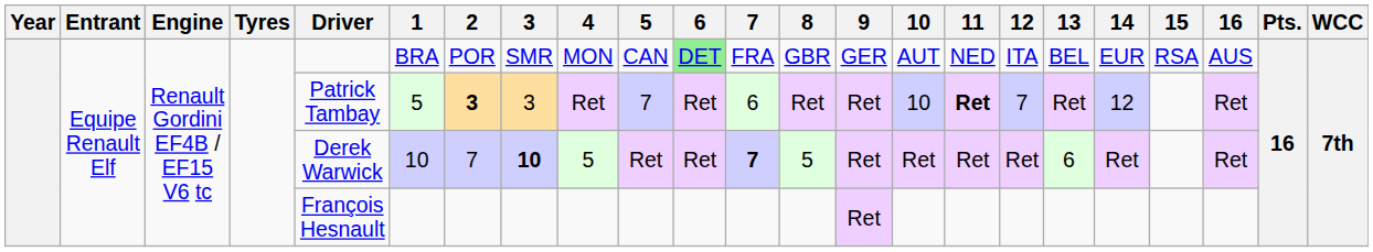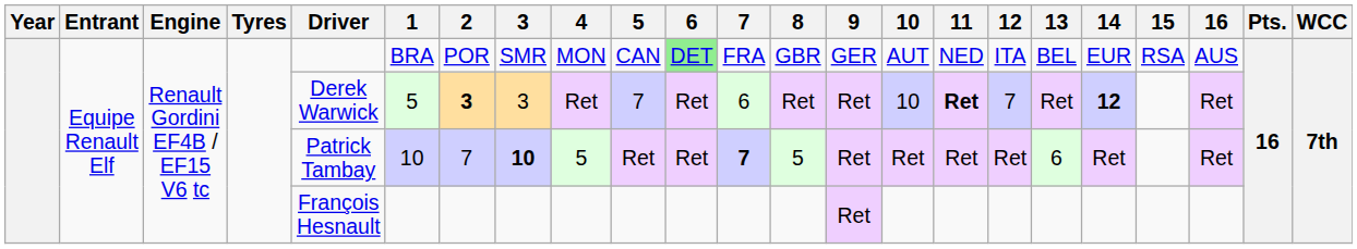 <table class="wikitable" style="text-align:center; font-size:95%">
 <tr>
 <th>Year</th>
 <th>Entrant</th>
 <th>Engine</th>
 <th>Tyres</th>
 <th>Driver</th>
 <th>1</th>
 <th>2</th>
 <th>3</th>
 <th>4</th>
 <th>5</th>
 <th>6</th>
 <th>7</th>
 <th>8</th>
 <th>9</th>
 <th>10</th>
 <th>11</th>
 <th>12</th>
 <th>13</th>
 <th>14</th>
 <th>15</th>
 <th>16</th>
 <th>Pts.</th>
 <th>WCC</th>
 </tr>
 <tr>
 <th rowspan="4"></th>
 <td rowspan="4"><a href='#'>Equipe Renault</a> <a href='#'>Elf</a></td>
 <td rowspan="4"><a href='#'>Renault Gordini</a> <a href='#'>EF4B</a> / <a href='#'>EF15</a><br><a href='#'>V6</a> <a href='#'>tc</a></td>
 <td rowspan="4"></td>
 <td></td>
 <td><a href='#'>BRA</a></td>
 <td><a href='#'>POR</a></td>
 <td><a href='#'>SMR</a></td>
 <td><a href='#'>MON</a></td>
 <td><a href='#'>CAN</a></td>
 <td style="background: lightgreen;"><a href='#'>DET</a></td>
 <td><a href='#'>FRA</a></td>
 <td><a href='#'>GBR</a></td>
 <td><a href='#'>GER</a></td>
 <td><a href='#'>AUT</a></td>
 <td><a href='#'>NED</a></td>
 <td><a href='#'>ITA</a></td>
 <td><a href='#'>BEL</a></td>
 <td><a href='#'>EUR</a></td>
 <td><a href='#'>RSA</a></td>
 <td><a href='#'>AUS</a></td>
 <th rowspan="4">16</th>
 <th rowspan="4">7th</th>
 </tr>
 <tr>
-<td><a href='#'>Patrick Tambay</a></td>
+<td><a href='#'>Derek Warwick</a></td>
 <td style="background:#dfffdf;">5</td>
 <td style="background:#ffdf9f;"><strong>3</strong></td>
 <td style="background:#ffdf9f;">3</td>
 <td style="background:#efcfff;">Ret</td>
 <td style="background:#cfcfff;">7</td>
 <td style="background:#efcfff;">Ret</td>
 <td style="background:#dfffdf;">6</td>
 <td style="background:#efcfff;">Ret</td>
 <td style="background:#efcfff;">Ret</td>
 <td style="background:#cfcfff;">10</td>
 <td style="background:#efcfff;"><strong>Ret</strong></td>
 <td style="background:#cfcfff;">7</td>
 <td style="background:#efcfff;">Ret</td>
-<td style="background:#cfcfff;">12</td>
+<td style="background:#cfcfff;"><strong>12</strong></td>
 <td></td>
 <td style="background:#efcfff;">Ret</td>
 </tr>
 <tr>
-<td><a href='#'>Derek Warwick</a></td>
+<td><a href='#'>Patrick Tambay</a></td>
 <td style="background:#cfcfff;">10</td>
 <td style="background:#cfcfff;">7</td>
 <td style="background:#cfcfff;"><strong>10</strong></td>
 <td style="background:#dfffdf;">5</td>
 <td style="background:#efcfff;">Ret</td>
 <td style="background:#efcfff;">Ret</td>
 <td style="background:#cfcfff;"><strong>7</strong></td>
 <td style="background:#dfffdf;">5</td>
 <td style="background:#efcfff;">Ret</td>
 <td style="background:#efcfff;">Ret</td>
 <td style="background:#efcfff;">Ret</td>
 <td style="background:#efcfff;">Ret</td>
 <td style="background:#dfffdf;">6</td>
 <td style="background:#efcfff;">Ret</td>
 <td></td>
 <td style="background:#efcfff;">Ret</td>
 </tr>
 <tr>
 <td><a href='#'>François Hesnault</a></td>
 <td></td>
 <td></td>
 <td></td>
 <td></td>
 <td></td>
 <td></td>
 <td></td>
 <td></td>
 <td style="background:#efcfff;">Ret</td>
 <td></td>
 <td></td>
 <td></td>
 <td></td>
 <td></td>
 <td></td>
 <td></td>
 </tr>
 </table>
